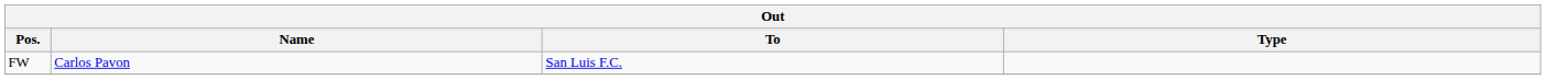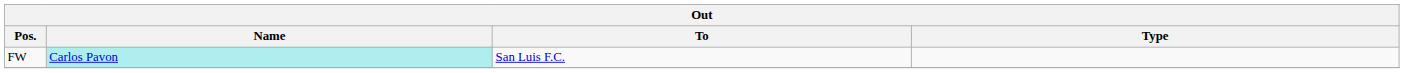 <table class="wikitable" style="font-size:90%;width:99%;">
 <tr>
 <th colspan="4">Out</th>
 </tr>
 <tr>
 <th width=3%>Pos.</th>
 <th width=32%>Name</th>
 <th width=30%>To</th>
 <th width=35%>Type</th>
 </tr>
 <tr>
 <td>FW</td>
-<td><a href='#'>Carlos Pavon</a></td>
+<td style="background: paleturquoise;"><a href='#'>Carlos Pavon</a></td>
 <td><a href='#'>San Luis F.C.</a></td>
 <td></td>
 </tr>
 <tr>
 </tr>
 </table>
